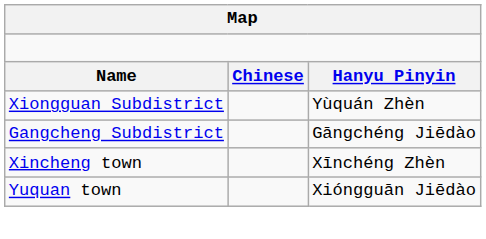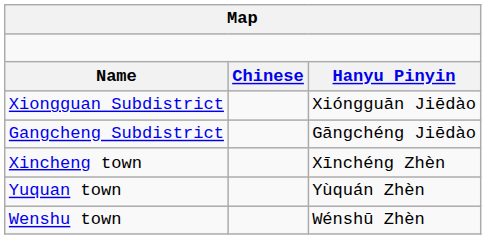 <table class="wikitable"  style="font-size:90%;" align=center>
 <tr>
 <th colspan="3" align="center">Map</th>
 </tr>
 <tr>
 <td colspan="3" align="center"><div><br>        </div></td>
 </tr>
 <tr>
 <th>Name</th>
 <th><a href='#'>Chinese</a></th>
 <th><a href='#'>Hanyu Pinyin</a></th>
 </tr>
 <tr>
 <td><a href='#'>Xiongguan Subdistrict</a></td>
 <td></td>
-<td>Yùquán Zhèn</td>
+<td>Xióngguān Jiēdào</td>
 </tr>
 <tr>
 <td><a href='#'>Gangcheng Subdistrict</a></td>
 <td></td>
 <td>Gāngchéng Jiēdào</td>
 </tr>
 <tr>
 <td><a href='#'>Xincheng</a> town</td>
 <td></td>
 <td>Xīnchéng Zhèn</td>
 </tr>
 <tr>
 <td><a href='#'>Yuquan</a> town</td>
 <td></td>
-<td>Xióngguān Jiēdào</td>
+<td>Yùquán Zhèn</td>
+</tr>
+<tr>
+<td><a href='#'>Wenshu</a> town</td>
+<td></td>
+<td>Wénshū Zhèn</td>
 </tr>
 </table>
